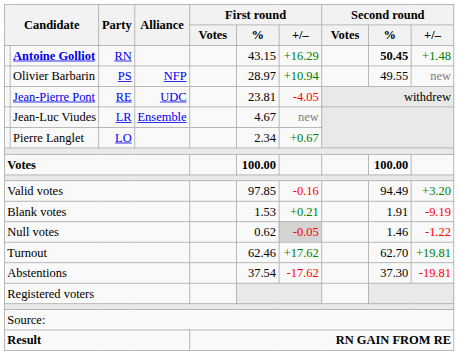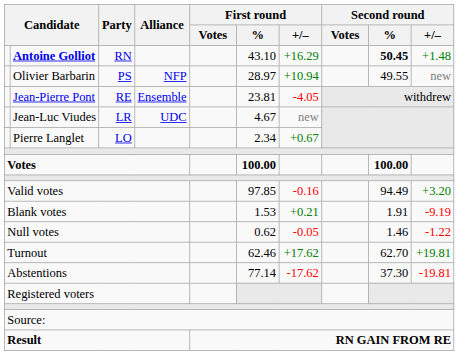 <table class="wikitable" style="text-align:right;font-size:95%;">
 <tr>
 <th rowspan="2" colspan="2">Candidate</th>
 <th colspan="1" rowspan="2">Party</th>
 <th colspan="1" rowspan="2">Alliance</th>
 <th colspan="3">First round</th>
 <th colspan="3">Second round</th>
 </tr>
 <tr>
 <th style="width:50px;">Votes</th>
 <th style="width:45px;">%</th>
 <th style="width:45px;">+/–</th>
 <th style="width:50px;">Votes</th>
 <th style="width:45px;">%</th>
 <th style="width:45px;">+/–</th>
 </tr>
 <tr>
 <td style="background:"></td>
 <td style="text-align:left;"><strong><a href='#'>Antoine Golliot</a></strong></td>
 <td><a href='#'>RN</a></td>
 <td></td>
 <td></td>
-<td>43.15</td>
+<td>43.10</td>
 <td style="color:green;">+16.29</td>
 <td><strong></strong></td>
 <td><strong>50.45</strong></td>
 <td style="color:green;">+1.48</td>
 </tr>
 <tr>
 <td style="background:"></td>
 <td style="text-align:left;">Olivier Barbarin</td>
 <td><a href='#'>PS</a></td>
 <td><a href='#'>NFP</a></td>
 <td></td>
 <td>28.97</td>
 <td style="color:green;">+10.94</td>
 <td></td>
 <td>49.55</td>
 <td style="color:grey;">new</td>
 </tr>
 <tr>
 <td style="background:"></td>
 <td style="text-align:left;"><a href='#'>Jean-Pierre Pont</a></td>
 <td><a href='#'>RE</a></td>
-<td><a href='#'>UDC</a></td>
+<td><a href='#'>Ensemble</a></td>
 <td></td>
 <td>23.81</td>
 <td style="color:red;">-4.05</td>
 <td colspan="3" style="background:#E9E9E9;">withdrew</td>
 </tr>
 <tr>
 <td style="background:"></td>
 <td style="text-align:left;">Jean-Luc Viudes</td>
 <td><a href='#'>LR</a></td>
-<td><a href='#'>Ensemble</a></td>
+<td><a href='#'>UDC</a></td>
 <td></td>
 <td>4.67</td>
 <td style="color:grey;">new</td>
 <td colspan="3" rowspan="2" style="background:#E9E9E9;"></td>
 </tr>
 <tr>
 <td style="background:"></td>
 <td style="text-align:left;">Pierre Langlet</td>
 <td><a href='#'>LO</a></td>
 <td></td>
 <td></td>
 <td>2.34</td>
 <td style="color:green;">+0.67</td>
 </tr>
 <tr>
 <td colspan="10" style="background:#E9E9E9;"></td>
 </tr>
 <tr style="font-weight:bold;">
 <td colspan="4" style="text-align:left;">Votes</td>
 <td></td>
 <td>100.00</td>
 <td></td>
 <td></td>
 <td>100.00</td>
 <td></td>
 </tr>
 <tr>
 <td colspan="10" style="background:#E9E9E9;"></td>
 </tr>
 <tr>
 <td colspan="4" style="text-align:left;">Valid votes</td>
 <td></td>
 <td>97.85</td>
 <td style="color:red;">-0.16</td>
 <td></td>
 <td>94.49</td>
 <td style="color:green;">+3.20</td>
 </tr>
 <tr>
 <td colspan="4" style="text-align:left;">Blank votes</td>
 <td></td>
 <td>1.53</td>
 <td style="color:green;">+0.21</td>
 <td></td>
 <td>1.91</td>
 <td style="color:red;">-9.19</td>
 </tr>
 <tr>
 <td colspan="4" style="text-align:left;">Null votes</td>
 <td></td>
 <td>0.62</td>
-<td style="background: lightgrey; color:red;">-0.05</td>
+<td style="color:red;">-0.05</td>
 <td></td>
 <td>1.46</td>
 <td style="color:red;">-1.22</td>
 </tr>
 <tr>
 <td colspan="4" style="text-align:left;">Turnout</td>
 <td></td>
 <td>62.46</td>
 <td style="color:green;">+17.62</td>
 <td></td>
 <td>62.70</td>
 <td style="color:green;">+19.81</td>
 </tr>
 <tr>
 <td colspan="4" style="text-align:left;">Abstentions</td>
 <td></td>
-<td>37.54</td>
+<td>77.14</td>
 <td style="color:red;">-17.62</td>
 <td></td>
 <td>37.30</td>
 <td style="color:red;">-19.81</td>
 </tr>
 <tr>
 <td colspan="4" style="text-align:left;">Registered voters</td>
 <td></td>
 <td colspan="2" style="background:#E9E9E9;"></td>
 <td></td>
 <td colspan="2" style="background:#E9E9E9;"></td>
 </tr>
 <tr>
 <td colspan="10" style="background:#E9E9E9;"></td>
 </tr>
 <tr>
 <td colspan="10" style="text-align:left;">Source: </td>
 </tr>
 <tr style="font-weight:bold">
 <td colspan="4" style="text-align:left;">Result</td>
 <td colspan="6" style="background-color:">RN GAIN FROM RE</td>
 </tr>
 </table>
